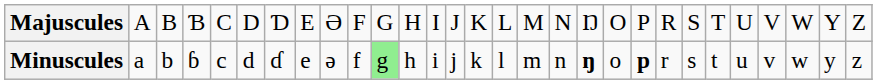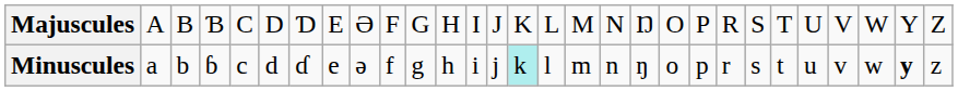 <table class="wikitable">
 <tr>
 <th>Majuscules</th>
 <td>A</td>
 <td>B</td>
 <td>Ɓ</td>
 <td>C</td>
 <td>D</td>
 <td>Ɗ</td>
 <td>E</td>
 <td>Ə</td>
 <td>F</td>
 <td>G</td>
 <td>H</td>
 <td>I</td>
 <td>J</td>
 <td>K</td>
 <td>L</td>
 <td>M</td>
 <td>N</td>
 <td>Ŋ</td>
 <td>O</td>
 <td>P</td>
 <td>R</td>
 <td>S</td>
 <td>T</td>
 <td>U</td>
 <td>V</td>
 <td>W</td>
 <td>Y</td>
 <td>Z</td>
 </tr>
 <tr>
 <th>Minuscules</th>
 <td>a</td>
 <td>b</td>
 <td>ɓ</td>
 <td>c</td>
 <td>d</td>
 <td>ɗ</td>
 <td>e</td>
 <td>ə</td>
 <td>f</td>
-<td style="background: lightgreen;">g</td>
+<td>g</td>
 <td>h</td>
 <td>i</td>
 <td>j</td>
-<td>k</td>
+<td style="background: paleturquoise;">k</td>
 <td>l</td>
 <td>m</td>
 <td>n</td>
-<td><strong>ŋ</strong></td>
+<td>ŋ</td>
 <td>o</td>
-<td><strong>p</strong></td>
+<td>p</td>
 <td>r</td>
 <td>s</td>
 <td>t</td>
 <td>u</td>
 <td>v</td>
 <td>w</td>
-<td>y</td>
+<td><strong>y</strong></td>
 <td>z</td>
 </tr>
 </table>
